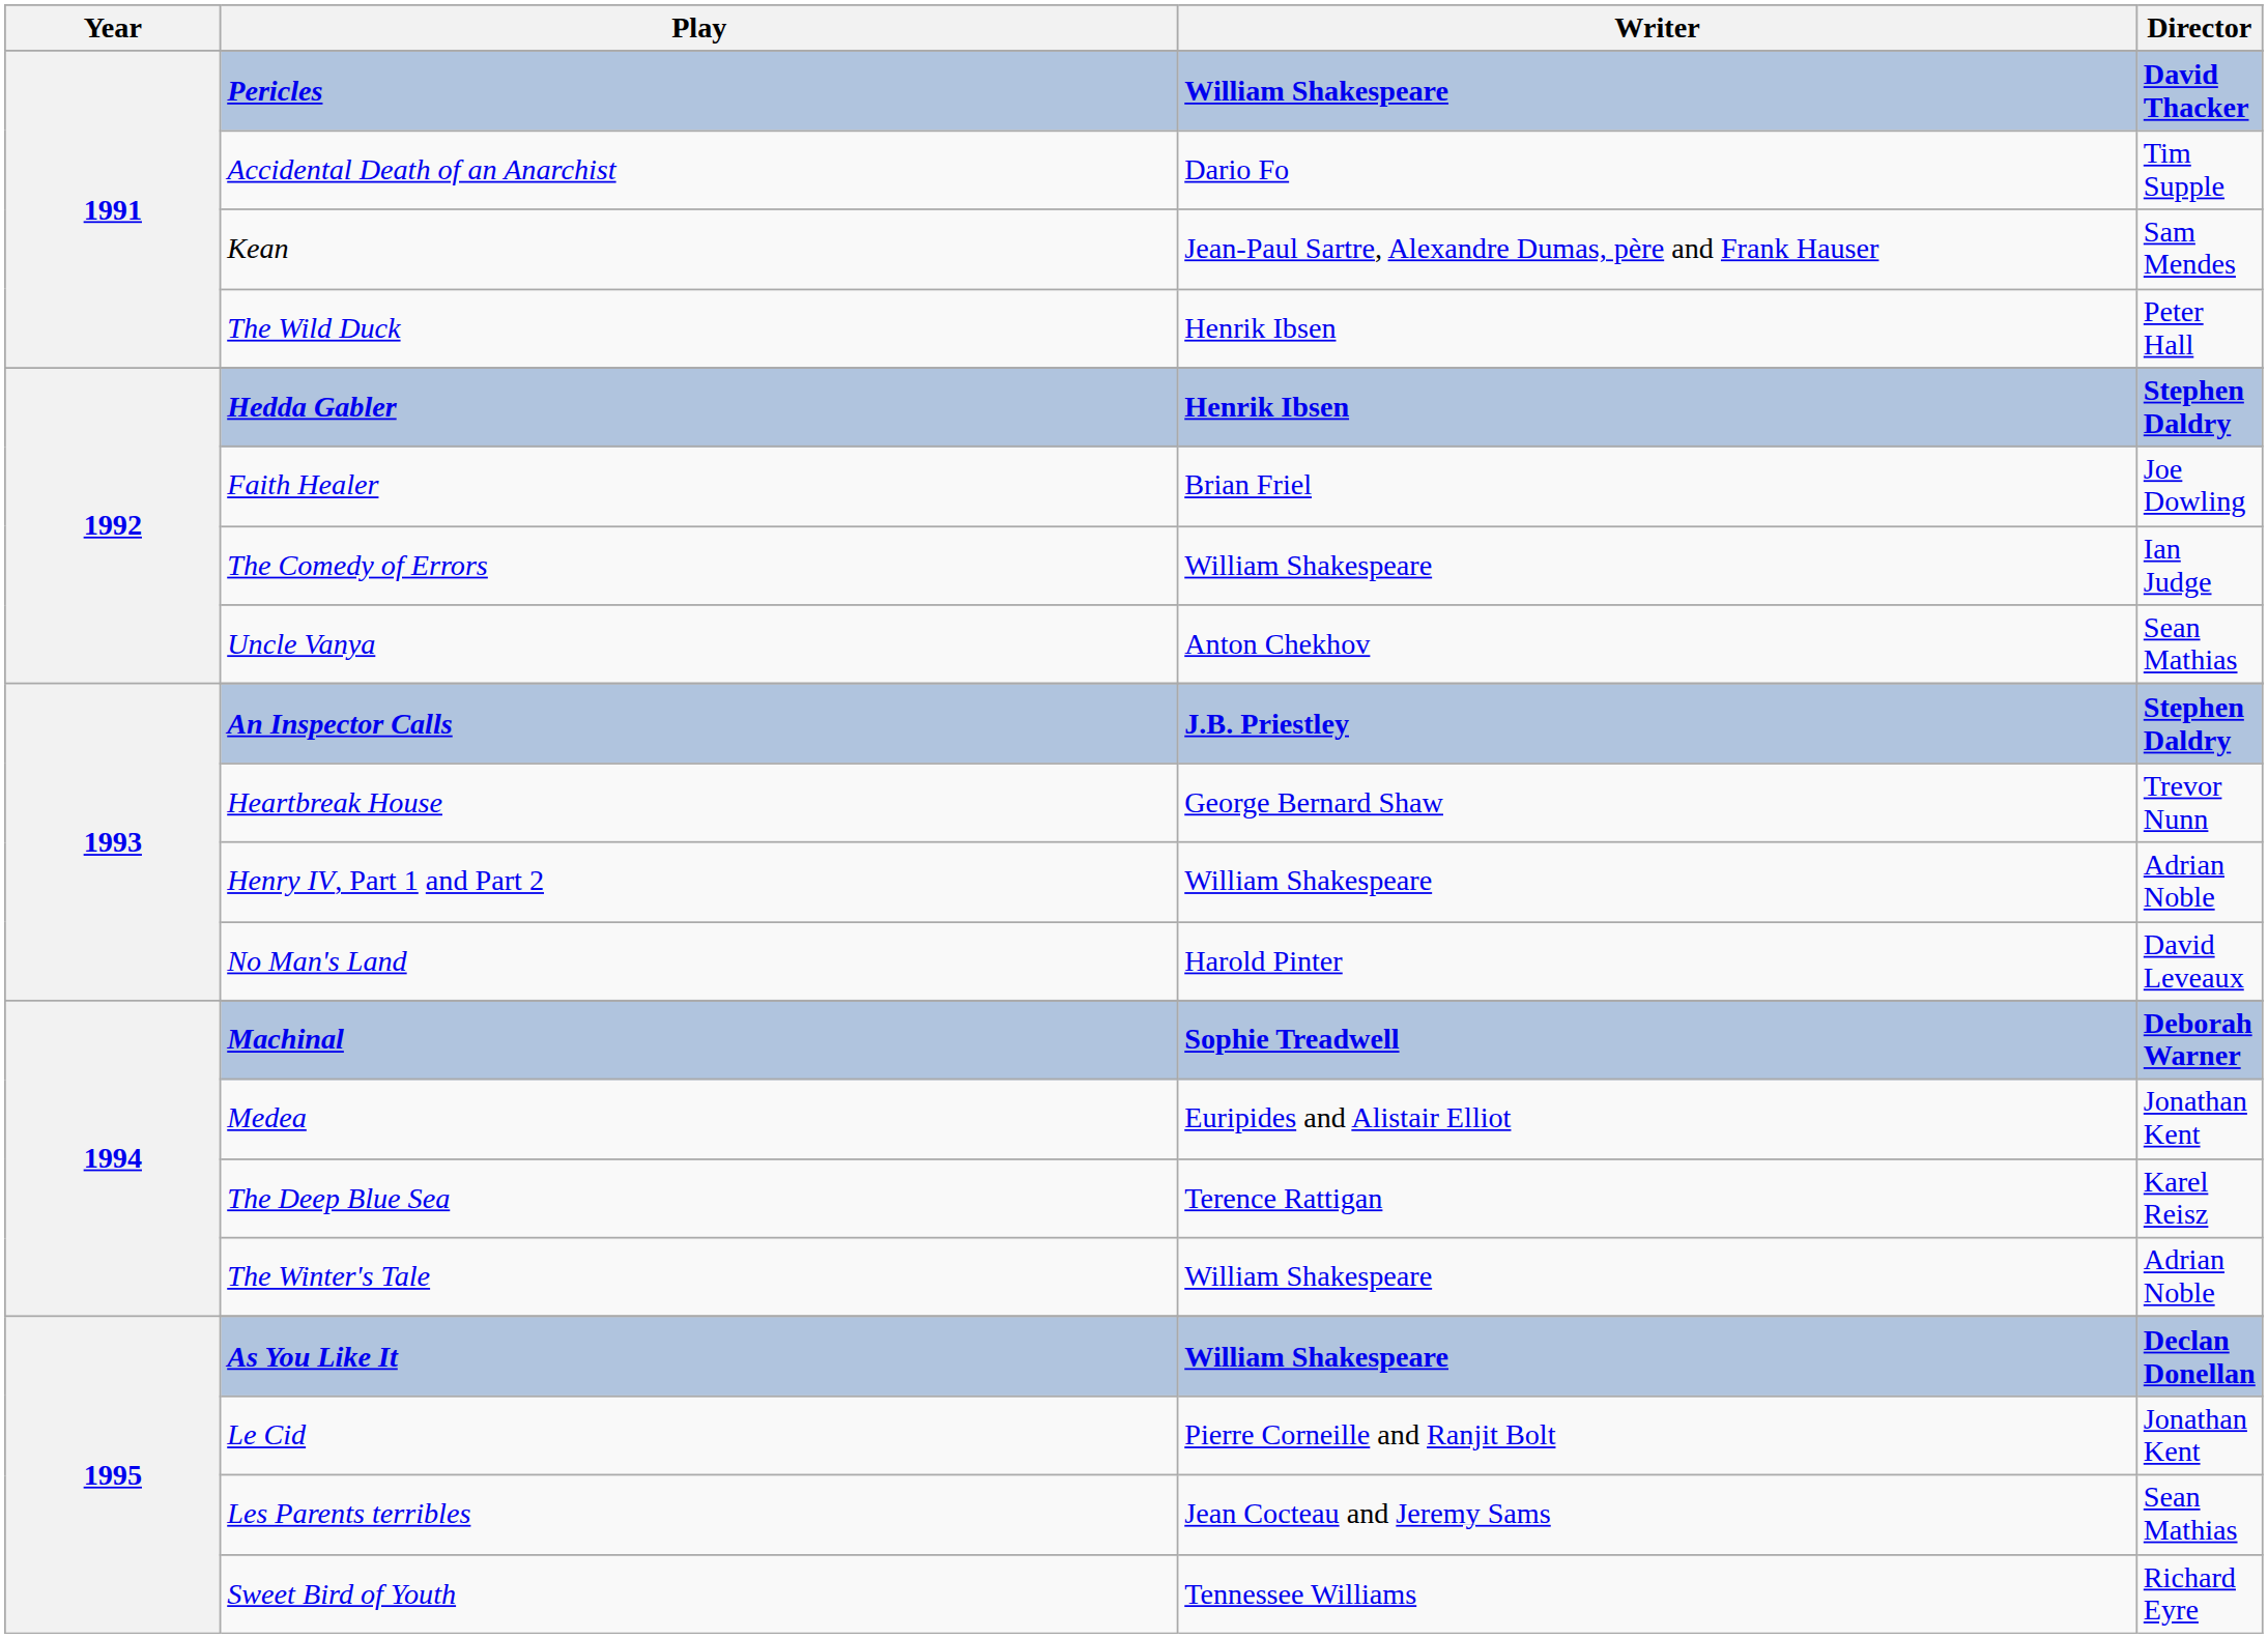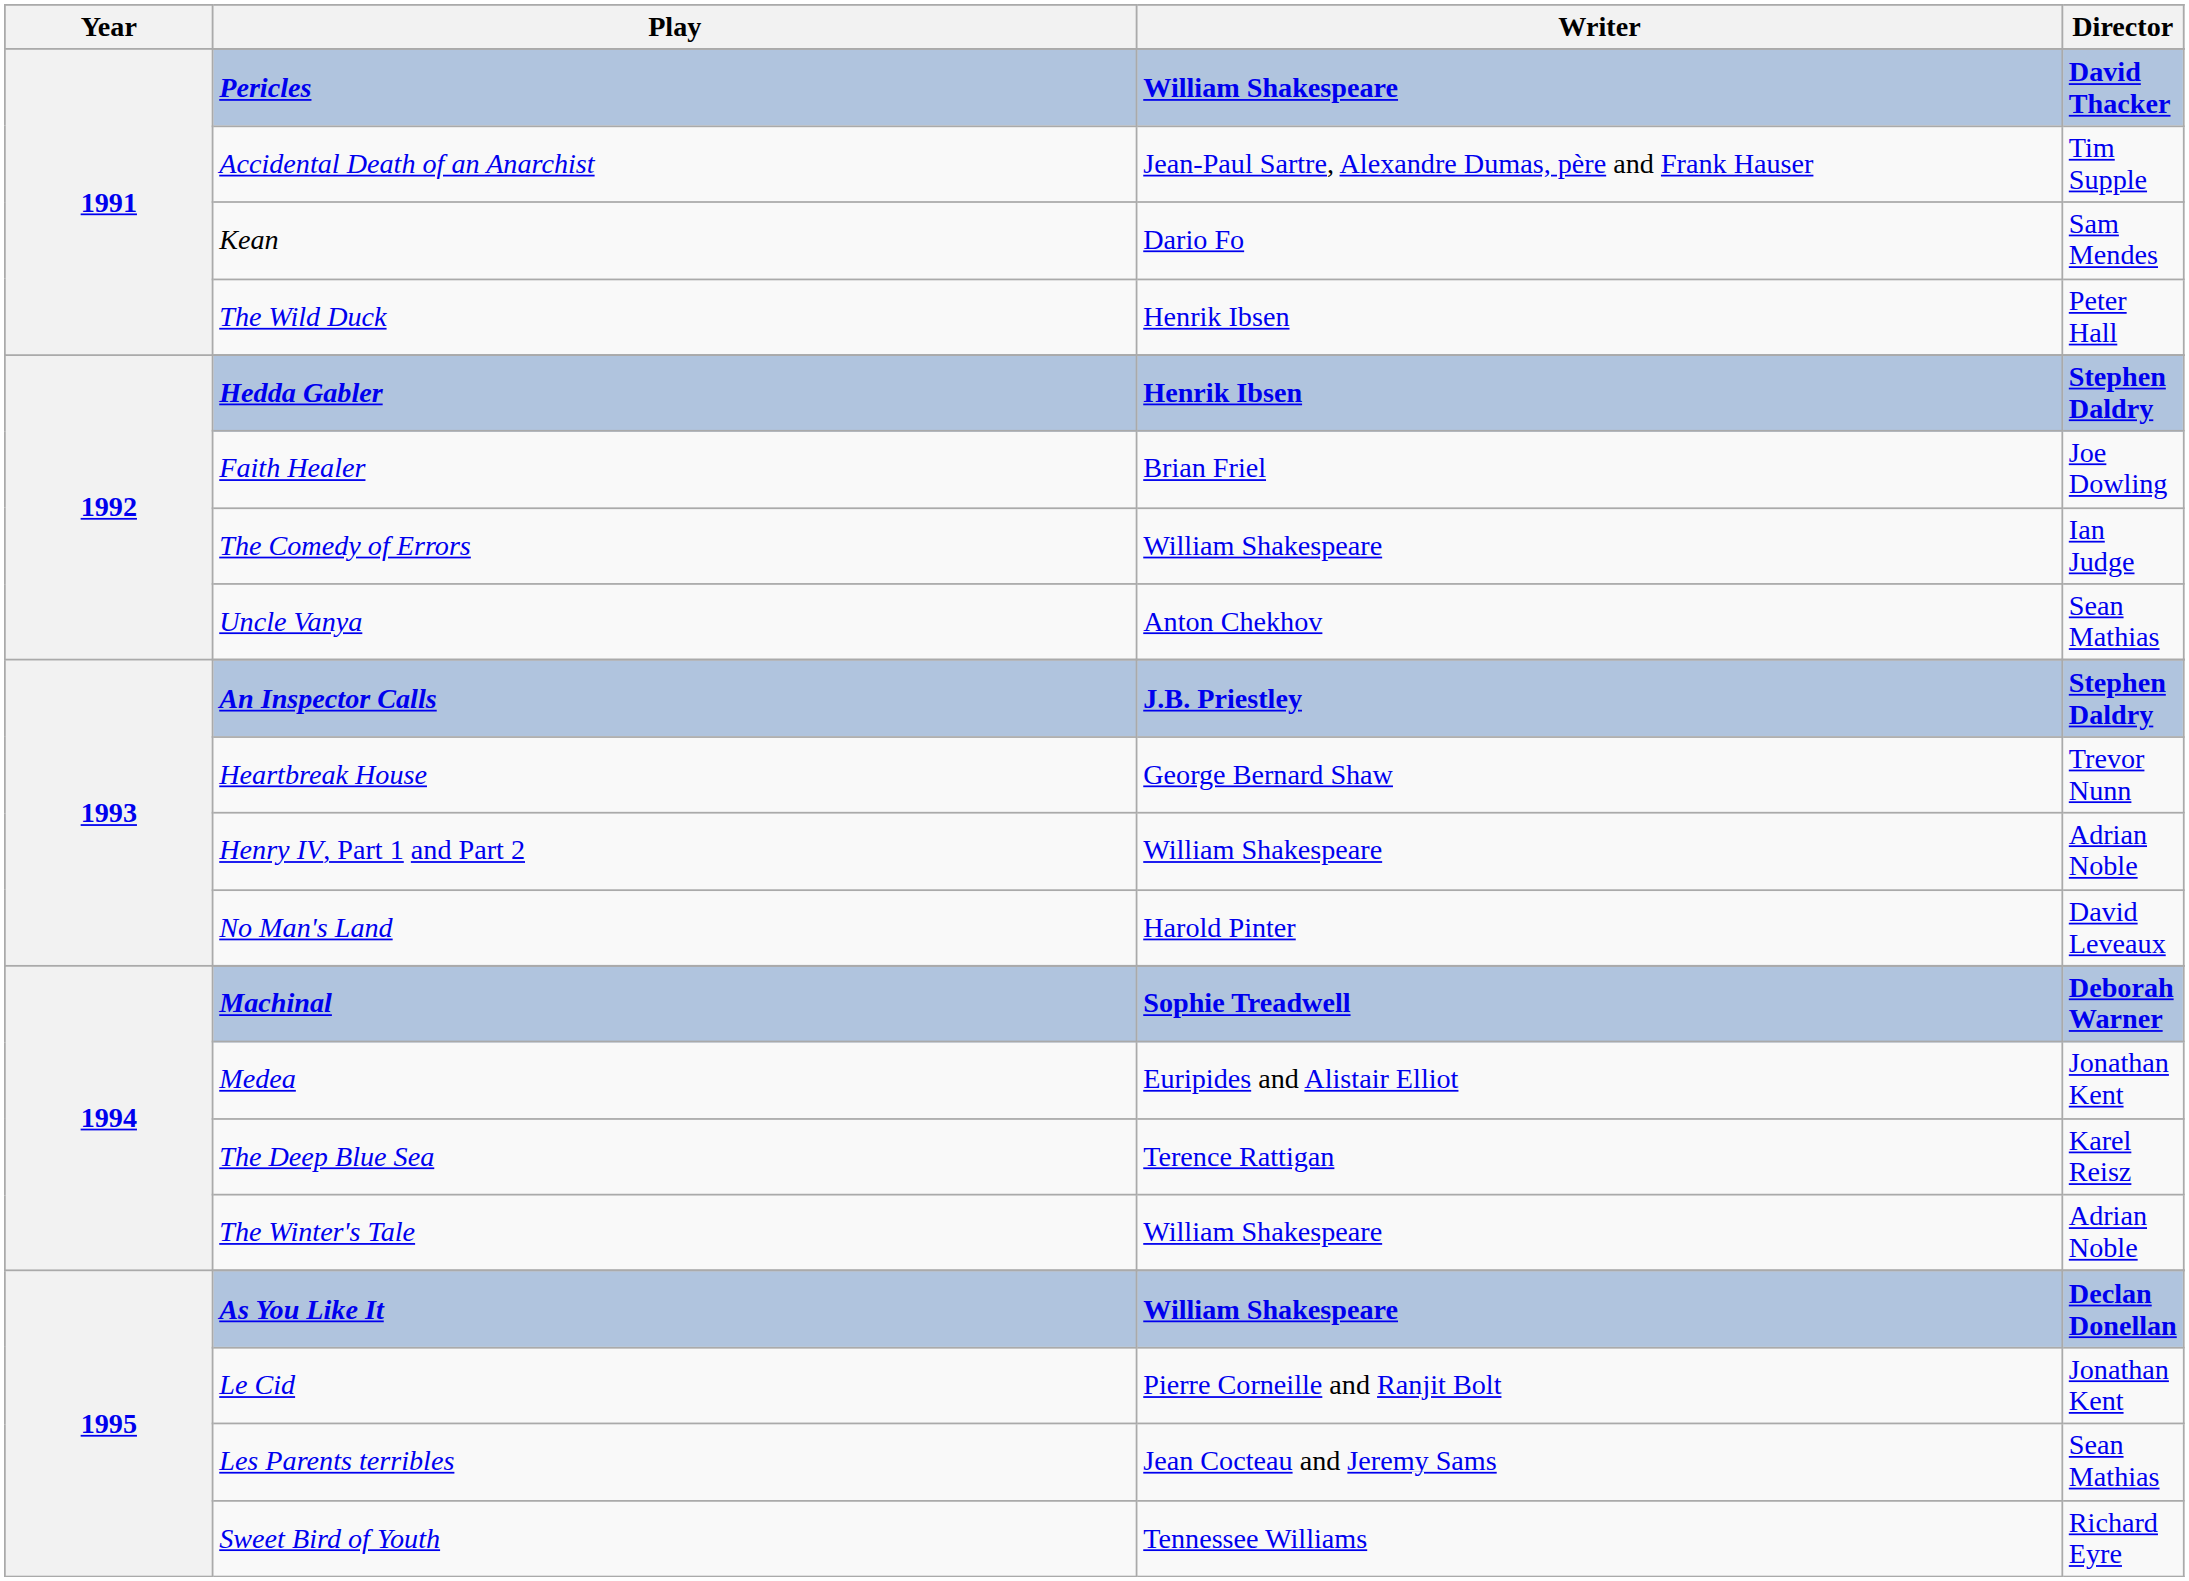 <table class="wikitable" style="width:98%;">
 <tr style="background:#bebebe;">
 <th style="width:10%;">Year</th>
 <th style="width:45%;">Play</th>
 <th style="width:45%;">Writer</th>
 <th><strong>Director</strong></th>
 </tr>
 <tr>
 <th rowspan="5" align="center"><a href='#'>1991</a></th>
 </tr>
 <tr style="background:#B0C4DE">
 <td><strong><em><a href='#'>Pericles</a></em></strong></td>
 <td><strong><a href='#'>William Shakespeare</a></strong></td>
 <td><strong><a href='#'>David Thacker</a></strong></td>
 </tr>
 <tr>
 <td><em><a href='#'>Accidental Death of an Anarchist</a></em></td>
-<td><a href='#'>Dario Fo</a></td>
+<td><a href='#'>Jean-Paul Sartre</a>, <a href='#'>Alexandre Dumas, père</a> and <a href='#'>Frank Hauser</a></td>
 <td><a href='#'>Tim Supple</a></td>
 </tr>
 <tr>
 <td><em>Kean</em></td>
-<td><a href='#'>Jean-Paul Sartre</a>, <a href='#'>Alexandre Dumas, père</a> and <a href='#'>Frank Hauser</a></td>
+<td><a href='#'>Dario Fo</a></td>
 <td><a href='#'>Sam Mendes</a></td>
 </tr>
 <tr>
 <td><em><a href='#'>The Wild Duck</a></em></td>
 <td><a href='#'>Henrik Ibsen</a></td>
 <td><a href='#'>Peter Hall</a></td>
 </tr>
 <tr>
 <th rowspan="5" align="center"><a href='#'>1992</a></th>
 </tr>
 <tr style="background:#B0C4DE">
 <td><strong><em><a href='#'>Hedda Gabler</a></em></strong></td>
 <td><strong><a href='#'>Henrik Ibsen</a></strong></td>
 <td><strong><a href='#'>Stephen Daldry</a></strong></td>
 </tr>
 <tr>
 <td><em><a href='#'>Faith Healer</a></em></td>
 <td><a href='#'>Brian Friel</a></td>
 <td><a href='#'>Joe Dowling</a></td>
 </tr>
 <tr>
 <td><em><a href='#'>The Comedy of Errors</a></em></td>
 <td><a href='#'>William Shakespeare</a></td>
 <td><a href='#'>Ian Judge</a></td>
 </tr>
 <tr>
 <td><em><a href='#'>Uncle Vanya</a></em></td>
 <td><a href='#'>Anton Chekhov</a></td>
 <td><a href='#'>Sean Mathias</a></td>
 </tr>
 <tr>
 <th rowspan="5" align="center"><a href='#'>1993</a></th>
 </tr>
 <tr style="background:#B0C4DE">
 <td><strong><em><a href='#'>An Inspector Calls</a></em></strong></td>
 <td><strong><a href='#'>J.B. Priestley</a></strong></td>
 <td><strong><a href='#'>Stephen Daldry</a></strong></td>
 </tr>
 <tr>
 <td><em><a href='#'>Heartbreak House</a></em></td>
 <td><a href='#'>George Bernard Shaw</a></td>
 <td><a href='#'>Trevor Nunn</a></td>
 </tr>
 <tr>
 <td><a href='#'><em>Henry IV</em>, Part 1</a> <a href='#'>and Part 2</a></td>
 <td><a href='#'>William Shakespeare</a></td>
 <td><a href='#'>Adrian Noble</a></td>
 </tr>
 <tr>
 <td><em><a href='#'>No Man's Land</a></em></td>
 <td><a href='#'>Harold Pinter</a></td>
 <td><a href='#'>David Leveaux</a></td>
 </tr>
 <tr>
 <th rowspan="5" align="center"><a href='#'>1994</a></th>
 </tr>
 <tr style="background:#B0C4DE">
 <td><strong><em><a href='#'>Machinal</a></em></strong></td>
 <td><strong><a href='#'>Sophie Treadwell</a></strong></td>
 <td><strong><a href='#'>Deborah Warner</a></strong></td>
 </tr>
 <tr>
 <td><em><a href='#'>Medea</a></em></td>
 <td><a href='#'>Euripides</a> and <a href='#'>Alistair Elliot</a></td>
 <td><a href='#'>Jonathan Kent</a></td>
 </tr>
 <tr>
 <td><em><a href='#'>The Deep Blue Sea</a></em></td>
 <td><a href='#'>Terence Rattigan</a></td>
 <td><a href='#'>Karel Reisz</a></td>
 </tr>
 <tr>
 <td><em><a href='#'>The Winter's Tale</a></em></td>
 <td><a href='#'>William Shakespeare</a></td>
 <td><a href='#'>Adrian Noble</a></td>
 </tr>
 <tr>
 <th rowspan="5" align="center"><a href='#'>1995</a></th>
 </tr>
 <tr style="background:#B0C4DE">
 <td><strong><em><a href='#'>As You Like It</a></em></strong></td>
 <td><strong><a href='#'>William Shakespeare</a></strong></td>
 <td><strong><a href='#'>Declan Donellan</a></strong></td>
 </tr>
 <tr>
 <td><em><a href='#'>Le Cid</a></em></td>
 <td><a href='#'>Pierre Corneille</a> and <a href='#'>Ranjit Bolt</a></td>
 <td><a href='#'>Jonathan Kent</a></td>
 </tr>
 <tr>
 <td><em><a href='#'>Les Parents terribles</a></em></td>
 <td><a href='#'>Jean Cocteau</a> and <a href='#'>Jeremy Sams</a></td>
 <td><a href='#'>Sean Mathias</a></td>
 </tr>
 <tr>
 <td><em><a href='#'>Sweet Bird of Youth</a></em></td>
 <td><a href='#'>Tennessee Williams</a></td>
 <td><a href='#'>Richard Eyre</a></td>
 </tr>
 </table>
